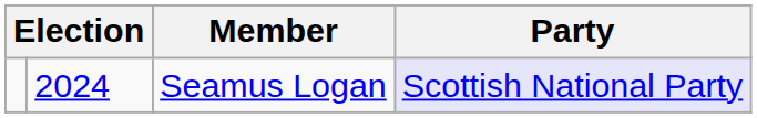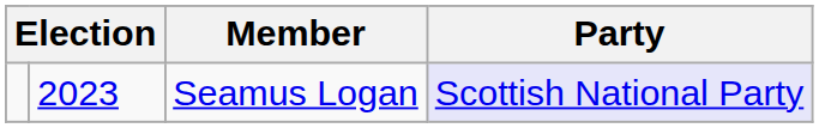 <table class="wikitable">
 <tr>
 <th colspan="2">Election</th>
 <th>Member</th>
 <th>Party</th>
 </tr>
 <tr>
 <td style="color:inherit;background-color: "></td>
-<td><a href='#'>2024</a></td>
+<td><a href='#'>2023</a></td>
 <td><a href='#'>Seamus Logan</a></td>
 <td style="background: lavender;"><a href='#'>Scottish National Party</a></td>
 </tr>
 </table>
